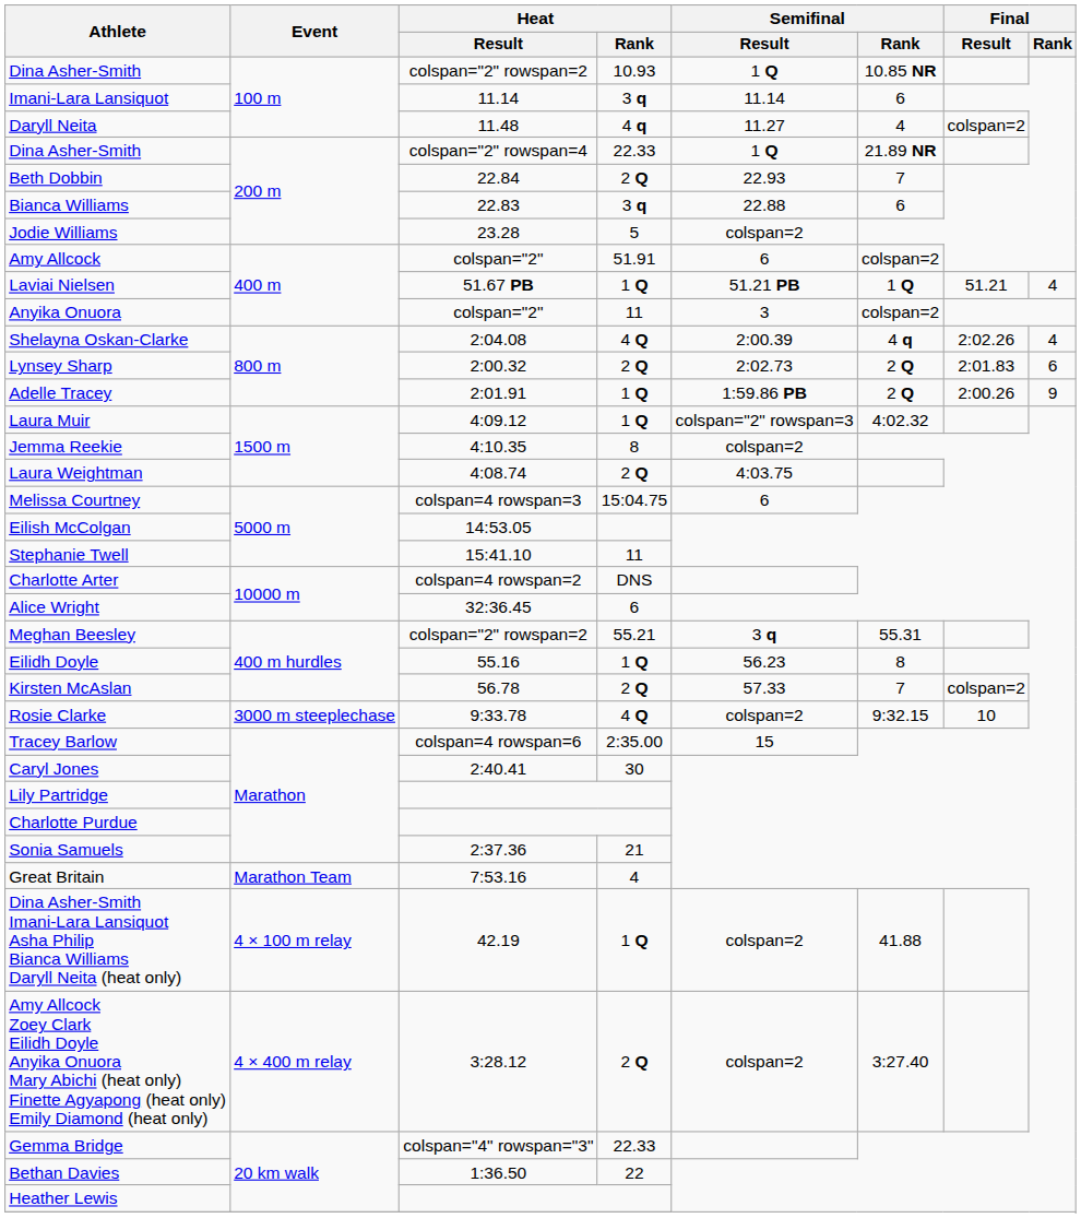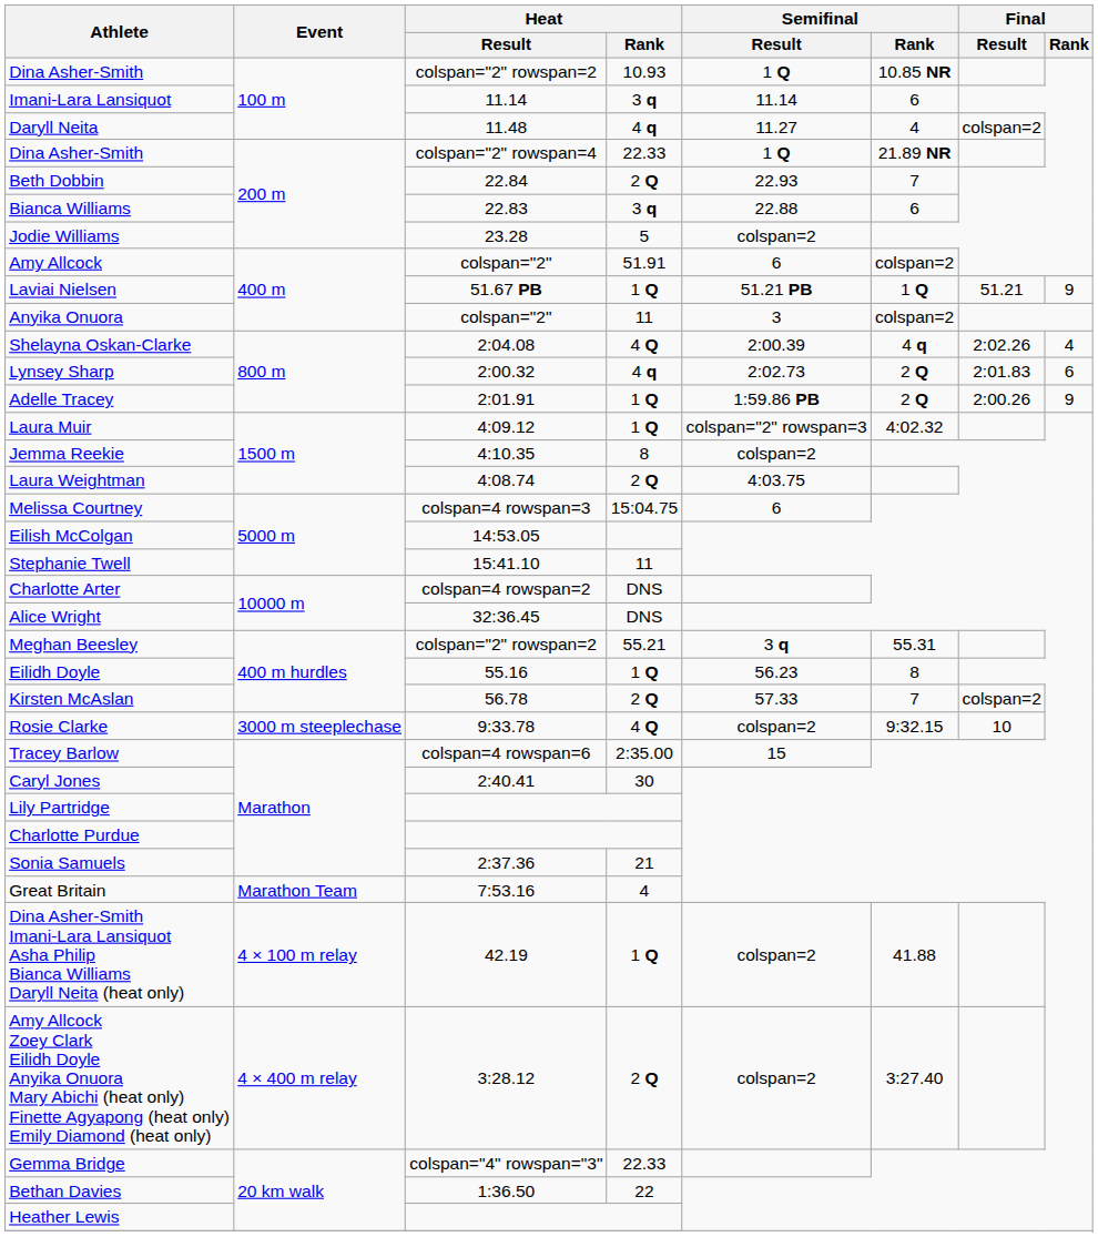 <table class="wikitable" style="font-size:90%">
 <tr>
 <th rowspan=2>Athlete</th>
 <th rowspan=2>Event</th>
 <th colspan=2>Heat</th>
 <th colspan=2>Semifinal</th>
 <th colspan=2>Final</th>
 </tr>
 <tr style="font-size:95%">
 <th>Result</th>
 <th>Rank</th>
 <th>Result</th>
 <th>Rank</th>
 <th>Result</th>
 <th>Rank</th>
 </tr>
 <tr align=center>
 <td align=left><a href='#'>Dina Asher-Smith</a></td>
 <td style="text-align:left;" rowspan="3"><a href='#'>100 m</a></td>
 <td>colspan="2" rowspan=2 </td>
 <td>10.93</td>
 <td>1 <strong>Q</strong></td>
 <td>10.85 <strong>NR</strong></td>
 <td></td>
 </tr>
 <tr align=center>
 <td align=left><a href='#'>Imani-Lara Lansiquot</a></td>
 <td>11.14</td>
 <td>3 <strong>q</strong></td>
 <td>11.14</td>
 <td>6</td>
 </tr>
 <tr align=center>
 <td align=left><a href='#'>Daryll Neita</a></td>
 <td>11.48</td>
 <td>4 <strong>q</strong></td>
 <td>11.27</td>
 <td>4</td>
 <td>colspan=2 </td>
 </tr>
 <tr align=center>
 <td align=left><a href='#'>Dina Asher-Smith</a></td>
 <td style="text-align:left;" rowspan="4"><a href='#'>200 m</a></td>
 <td>colspan="2" rowspan=4 </td>
 <td>22.33</td>
 <td>1 <strong>Q</strong></td>
 <td>21.89 <strong>NR</strong></td>
 <td></td>
 </tr>
 <tr align=center>
 <td align=left><a href='#'>Beth Dobbin</a></td>
 <td>22.84</td>
 <td>2 <strong>Q</strong></td>
 <td>22.93</td>
 <td>7</td>
 </tr>
 <tr align=center>
 <td align=left><a href='#'>Bianca Williams</a></td>
 <td>22.83</td>
 <td>3 <strong>q</strong></td>
 <td>22.88</td>
 <td>6</td>
 </tr>
 <tr align=center>
 <td align=left><a href='#'>Jodie Williams</a></td>
 <td>23.28</td>
 <td>5</td>
 <td>colspan=2 </td>
 </tr>
 <tr align=center>
 <td align=left><a href='#'>Amy Allcock</a></td>
 <td style="text-align:left;" rowspan="3"><a href='#'>400 m</a></td>
 <td>colspan="2" </td>
 <td>51.91</td>
 <td>6</td>
 <td>colspan=2 </td>
 </tr>
 <tr align=center>
 <td align=left><a href='#'>Laviai Nielsen</a></td>
 <td>51.67 <strong>PB</strong></td>
 <td>1 <strong>Q</strong></td>
 <td>51.21 <strong>PB</strong></td>
 <td>1 <strong>Q</strong></td>
 <td>51.21</td>
-<td>4</td>
+<td>9</td>
 </tr>
 <tr align=center>
 <td align=left><a href='#'>Anyika Onuora</a></td>
 <td>colspan="2" </td>
 <td>11</td>
 <td>3</td>
 <td>colspan=2 </td>
 </tr>
 <tr align=center>
 <td align=left><a href='#'>Shelayna Oskan-Clarke</a></td>
 <td style="text-align:left;" rowspan="3"><a href='#'>800 m</a></td>
 <td>2:04.08</td>
 <td>4 <strong>Q</strong></td>
 <td>2:00.39</td>
 <td>4 <strong>q</strong></td>
 <td>2:02.26</td>
 <td>4</td>
 </tr>
 <tr align=center>
 <td align=left><a href='#'>Lynsey Sharp</a></td>
 <td>2:00.32</td>
-<td>2 <strong>Q</strong></td>
+<td>4 <strong>q</strong></td>
 <td>2:02.73</td>
 <td>2 <strong>Q</strong></td>
 <td>2:01.83</td>
 <td>6</td>
 </tr>
 <tr align=center>
 <td align=left><a href='#'>Adelle Tracey</a></td>
 <td>2:01.91</td>
 <td>1 <strong>Q</strong></td>
 <td>1:59.86 <strong>PB</strong></td>
 <td>2 <strong>Q</strong></td>
 <td>2:00.26</td>
 <td>9</td>
 </tr>
 <tr align=center>
 <td align=left><a href='#'>Laura Muir</a></td>
 <td style="text-align:left;" rowspan="3"><a href='#'>1500 m</a></td>
 <td>4:09.12</td>
 <td>1 <strong>Q</strong></td>
 <td>colspan="2" rowspan=3 </td>
 <td>4:02.32</td>
 <td></td>
 </tr>
 <tr align=center>
 <td align=left><a href='#'>Jemma Reekie</a></td>
 <td>4:10.35</td>
 <td>8</td>
 <td>colspan=2 </td>
 </tr>
 <tr align=center>
 <td align=left><a href='#'>Laura Weightman</a></td>
 <td>4:08.74</td>
 <td>2 <strong>Q</strong></td>
 <td>4:03.75</td>
 <td></td>
 </tr>
 <tr align=center>
 <td align=left><a href='#'>Melissa Courtney</a></td>
 <td style="text-align:left;" rowspan="3"><a href='#'>5000 m</a></td>
 <td>colspan=4 rowspan=3 </td>
 <td>15:04.75</td>
 <td>6</td>
 </tr>
 <tr align=center>
 <td align=left><a href='#'>Eilish McColgan</a></td>
 <td>14:53.05</td>
 <td></td>
 </tr>
 <tr align=center>
 <td align=left><a href='#'>Stephanie Twell</a></td>
 <td>15:41.10</td>
 <td>11</td>
 </tr>
 <tr align=center>
 <td align=left><a href='#'>Charlotte Arter</a></td>
 <td align=left rowspan=2><a href='#'>10000 m</a></td>
 <td>colspan=4 rowspan=2 </td>
 <td>DNS</td>
 <td></td>
 </tr>
 <tr align=center>
 <td align=left><a href='#'>Alice Wright</a></td>
 <td>32:36.45</td>
-<td>6</td>
+<td>DNS</td>
 </tr>
 <tr align=center>
 <td align=left><a href='#'>Meghan Beesley</a></td>
 <td style="text-align:left;" rowspan="3"><a href='#'>400 m hurdles</a></td>
 <td>colspan="2" rowspan=2 </td>
 <td>55.21</td>
 <td>3 <strong>q</strong></td>
 <td>55.31</td>
 <td></td>
 </tr>
 <tr align=center>
 <td align=left><a href='#'>Eilidh Doyle</a></td>
 <td>55.16</td>
 <td>1 <strong>Q</strong></td>
 <td>56.23</td>
 <td>8</td>
 </tr>
 <tr align=center>
 <td align=left><a href='#'>Kirsten McAslan</a></td>
 <td>56.78</td>
 <td>2 <strong>Q</strong></td>
 <td>57.33</td>
 <td>7</td>
 <td>colspan=2 </td>
 </tr>
 <tr align=center>
 <td align=left><a href='#'>Rosie Clarke</a></td>
 <td style="text-align:left;"><a href='#'>3000 m steeplechase</a></td>
 <td>9:33.78</td>
 <td>4 <strong>Q</strong></td>
 <td>colspan=2 </td>
 <td>9:32.15</td>
 <td>10</td>
 </tr>
 <tr align=center>
 <td align=left><a href='#'>Tracey Barlow</a></td>
 <td style="text-align:left;" rowspan="5"><a href='#'>Marathon</a></td>
 <td>colspan=4 rowspan=6 </td>
 <td>2:35.00</td>
 <td>15</td>
 </tr>
 <tr align=center>
 <td align=left><a href='#'>Caryl Jones</a></td>
 <td>2:40.41</td>
 <td>30</td>
 </tr>
 <tr align=center>
 <td align=left><a href='#'>Lily Partridge</a></td>
 <td colspan=2></td>
 </tr>
 <tr align=center>
 <td align=left><a href='#'>Charlotte Purdue</a></td>
 <td colspan=2></td>
 </tr>
 <tr align=center>
 <td align=left><a href='#'>Sonia Samuels</a></td>
 <td>2:37.36</td>
 <td>21</td>
 </tr>
 <tr align=center>
 <td align=left>Great Britain</td>
 <td style="text-align:left;"><a href='#'>Marathon Team</a></td>
 <td>7:53.16</td>
 <td>4</td>
 </tr>
 <tr align=center>
 <td align=left><a href='#'>Dina Asher-Smith</a><br><a href='#'>Imani-Lara Lansiquot</a><br><a href='#'>Asha Philip</a><br><a href='#'>Bianca Williams</a><br><a href='#'>Daryll Neita</a> (heat only)</td>
 <td align=left><a href='#'>4 × 100 m relay</a></td>
 <td>42.19</td>
 <td>1 <strong>Q</strong></td>
 <td>colspan=2 </td>
 <td>41.88</td>
 <td></td>
 </tr>
 <tr align=center>
 <td align=left><a href='#'>Amy Allcock</a> <br><a href='#'>Zoey Clark</a> <br><a href='#'>Eilidh Doyle</a> <br><a href='#'>Anyika Onuora</a> <br><a href='#'>Mary Abichi</a> (heat only)<br><a href='#'>Finette Agyapong</a> (heat only)<br><a href='#'>Emily Diamond</a> (heat only)</td>
 <td align=left><a href='#'>4 × 400 m relay</a></td>
 <td>3:28.12</td>
 <td>2 <strong>Q</strong></td>
 <td>colspan=2 </td>
 <td>3:27.40</td>
 <td></td>
 </tr>
 <tr align=center>
 <td align=left><a href='#'>Gemma Bridge</a></td>
 <td style="text-align:left;" rowspan="3"><a href='#'>20 km walk</a></td>
 <td>colspan="4" rowspan="3" </td>
 <td>22.33</td>
 <td></td>
 </tr>
 <tr align=center>
 <td align=left><a href='#'>Bethan Davies</a></td>
 <td>1:36.50</td>
 <td>22</td>
 </tr>
 <tr align=center>
 <td align=left><a href='#'>Heather Lewis</a></td>
 <td colspan=2></td>
 </tr>
 <tr align=center>
 </tr>
 </table>
